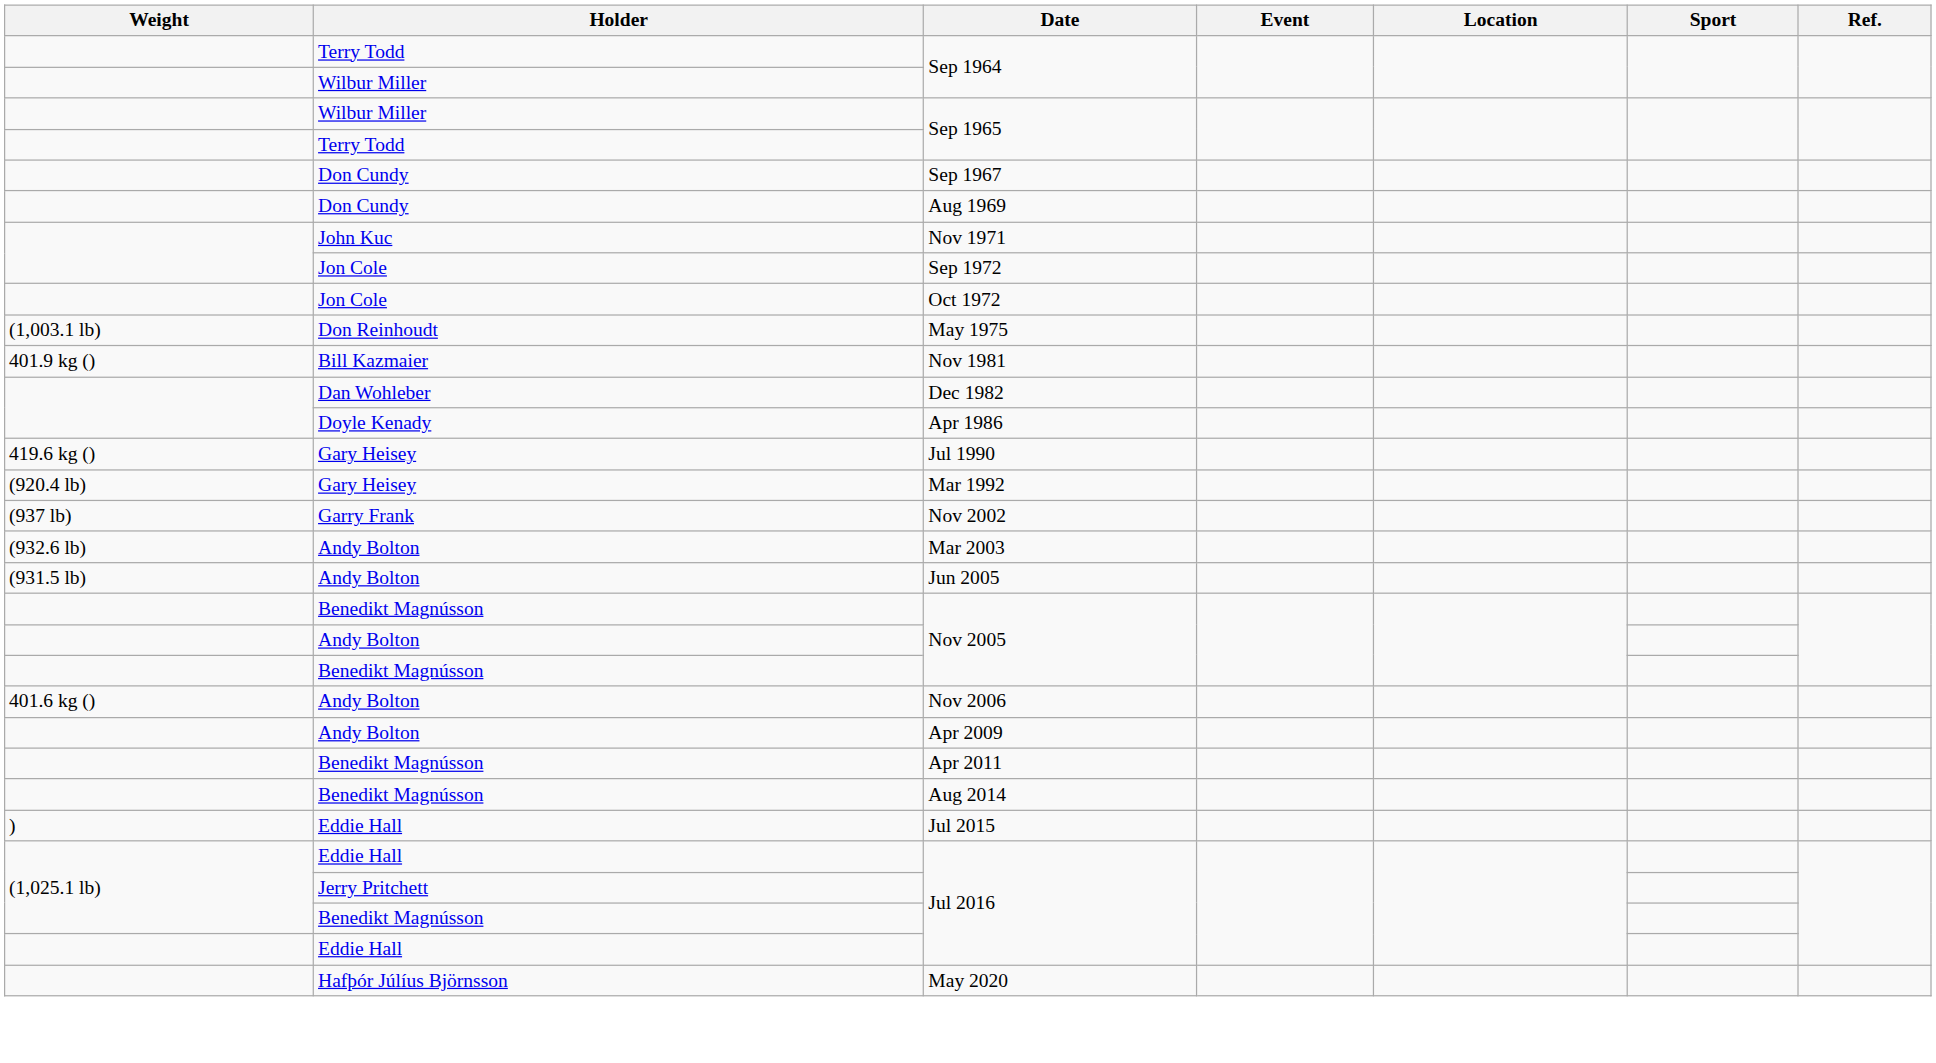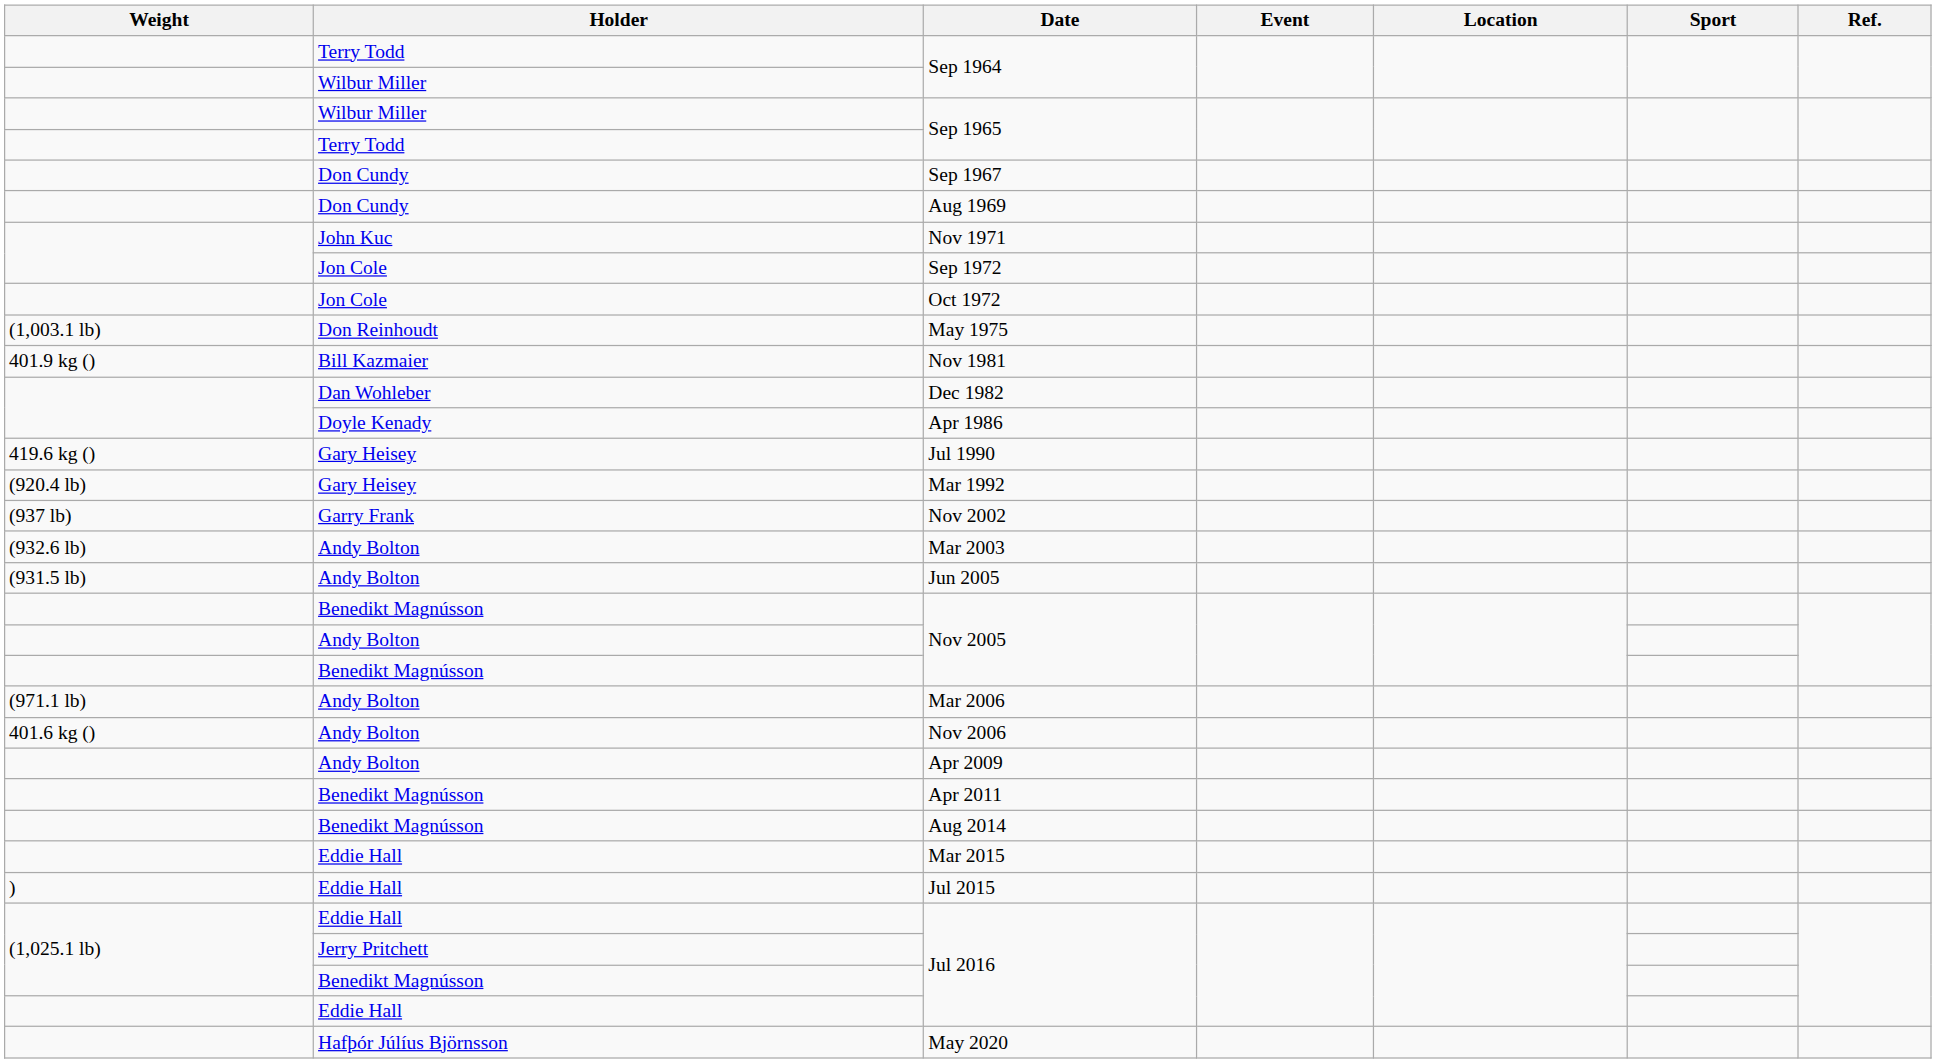 <table class="wikitable sortable" style="display: inline-table;width: 125%;">
 <tr>
 <th scope="col">Weight</th>
 <th scope="col">Holder</th>
 <th scope="col" class="unsortable">Date</th>
 <th scope="col" class="unsortable">Event</th>
 <th scope="col">Location</th>
 <th scope="col" class="unsortable">Sport</th>
 <th scope="col" class="unsortable">Ref.</th>
 </tr>
 <tr>
 <td></td>
 <td> <a href='#'>Terry Todd</a></td>
 <td rowspan="2">Sep 1964</td>
 <td rowspan="2"></td>
 <td rowspan="2"></td>
 <td rowspan="2"></td>
 <td rowspan="2"></td>
 </tr>
 <tr>
 <td></td>
 <td> <a href='#'>Wilbur Miller</a></td>
 </tr>
 <tr>
 <td></td>
 <td> <a href='#'>Wilbur Miller</a></td>
 <td rowspan="2">Sep 1965</td>
 <td rowspan="2"></td>
 <td rowspan="2"></td>
 <td rowspan="2"></td>
 <td rowspan="2"></td>
 </tr>
 <tr>
 <td></td>
 <td> <a href='#'>Terry Todd</a></td>
 </tr>
 <tr>
 <td></td>
 <td> <a href='#'>Don Cundy</a></td>
 <td>Sep 1967</td>
 <td></td>
 <td></td>
 <td></td>
 <td></td>
 </tr>
 <tr>
 <td></td>
 <td> <a href='#'>Don Cundy</a></td>
 <td>Aug 1969</td>
 <td></td>
 <td></td>
 <td></td>
 <td></td>
 </tr>
 <tr>
 <td rowspan="2"></td>
 <td> <a href='#'>John Kuc</a></td>
 <td>Nov 1971</td>
 <td></td>
 <td></td>
 <td></td>
 <td></td>
 </tr>
 <tr>
 <td> <a href='#'>Jon Cole</a></td>
 <td>Sep 1972</td>
 <td></td>
 <td></td>
 <td></td>
 <td></td>
 </tr>
 <tr>
 <td></td>
 <td> <a href='#'>Jon Cole</a></td>
 <td>Oct 1972</td>
 <td></td>
 <td></td>
 <td></td>
 <td></td>
 </tr>
 <tr>
 <td> (1,003.1 lb)</td>
 <td> <a href='#'>Don Reinhoudt</a></td>
 <td>May 1975</td>
 <td></td>
 <td></td>
 <td></td>
 <td></td>
 </tr>
 <tr>
 <td {{nowrap>401.9 kg ()</td>
 <td> <a href='#'>Bill Kazmaier</a></td>
 <td>Nov 1981</td>
 <td></td>
 <td></td>
 <td></td>
 <td></td>
 </tr>
 <tr>
 <td rowspan="2"></td>
 <td> <a href='#'>Dan Wohleber</a></td>
 <td>Dec 1982</td>
 <td></td>
 <td></td>
 <td></td>
 <td></td>
 </tr>
 <tr>
 <td> <a href='#'>Doyle Kenady</a></td>
 <td>Apr 1986</td>
 <td></td>
 <td></td>
 <td></td>
 <td></td>
 </tr>
 <tr>
 <td {{nowrap>419.6 kg ()</td>
 <td> <a href='#'>Gary Heisey</a></td>
 <td>Jul 1990</td>
 <td></td>
 <td></td>
 <td></td>
 <td></td>
 </tr>
 <tr>
 <td {{nowrap> (920.4 lb)</td>
 <td> <a href='#'>Gary Heisey</a></td>
 <td>Mar 1992</td>
 <td></td>
 <td></td>
 <td></td>
 <td></td>
 </tr>
 <tr>
 <td> (937 lb)</td>
 <td> <a href='#'>Garry Frank</a></td>
 <td>Nov 2002</td>
 <td></td>
 <td></td>
 <td></td>
 <td></td>
 </tr>
 <tr>
 <td> (932.6 lb)</td>
 <td> <a href='#'>Andy Bolton</a></td>
 <td>Mar 2003</td>
 <td></td>
 <td></td>
 <td></td>
 <td></td>
 </tr>
 <tr>
 <td {{nowrap> (931.5 lb)</td>
 <td> <a href='#'>Andy Bolton</a></td>
 <td>Jun 2005</td>
 <td></td>
 <td></td>
 <td></td>
 <td></td>
 </tr>
 <tr>
 <td></td>
 <td> <a href='#'>Benedikt Magnússon</a></td>
 <td rowspan="3">Nov 2005</td>
 <td rowspan="3"></td>
 <td rowspan="3"></td>
 <td rowspan="1"></td>
 <td rowspan="3"></td>
 </tr>
 <tr>
 <td></td>
 <td> <a href='#'>Andy Bolton</a></td>
 <td></td>
 </tr>
 <tr>
 <td></td>
 <td> <a href='#'>Benedikt Magnússon</a></td>
 <td></td>
 </tr>
 <tr>
+<td> (971.1 lb)</td>
+<td> <a href='#'>Andy Bolton</a></td>
+<td>Mar 2006</td>
+<td></td>
+<td></td>
+<td></td>
+<td></td>
+</tr>
+<tr>
 <td {{nowrap>401.6 kg ()</td>
 <td> <a href='#'>Andy Bolton</a></td>
 <td>Nov 2006</td>
 <td></td>
 <td></td>
 <td></td>
 <td></td>
 </tr>
 <tr>
 <td></td>
 <td> <a href='#'>Andy Bolton</a></td>
 <td>Apr 2009</td>
 <td></td>
 <td></td>
 <td></td>
 <td></td>
 </tr>
 <tr>
 <td></td>
 <td> <a href='#'>Benedikt Magnússon</a></td>
 <td>Apr 2011</td>
 <td></td>
 <td></td>
 <td></td>
 <td></td>
 </tr>
 <tr>
 <td></td>
 <td> <a href='#'>Benedikt Magnússon</a></td>
 <td>Aug 2014</td>
+<td></td>
+<td></td>
+<td></td>
+<td></td>
+</tr>
+<tr>
+<td></td>
+<td> <a href='#'>Eddie Hall</a></td>
+<td>Mar 2015</td>
 <td></td>
 <td></td>
 <td></td>
 <td></td>
 </tr>
 <tr>
 <td>)</td>
 <td> <a href='#'>Eddie Hall</a></td>
 <td>Jul 2015</td>
 <td></td>
 <td></td>
 <td></td>
 <td></td>
 </tr>
 <tr>
 <td rowspan=3> (1,025.1 lb)</td>
 <td> <a href='#'>Eddie Hall</a></td>
 <td rowspan="4">Jul 2016</td>
 <td rowspan="4"></td>
 <td rowspan="4"></td>
 <td></td>
 <td rowspan="4"></td>
 </tr>
 <tr>
 <td> <a href='#'>Jerry Pritchett</a></td>
 <td></td>
 </tr>
 <tr>
 <td> <a href='#'>Benedikt Magnússon</a></td>
 <td></td>
 </tr>
 <tr>
 <td></td>
 <td> <a href='#'>Eddie Hall</a></td>
 <td></td>
 </tr>
 <tr>
 <td></td>
 <td> <a href='#'>Hafþór Júlíus Björnsson</a></td>
 <td>May 2020</td>
 <td></td>
 <td></td>
 <td></td>
 <td></td>
 </tr>
 </table>
